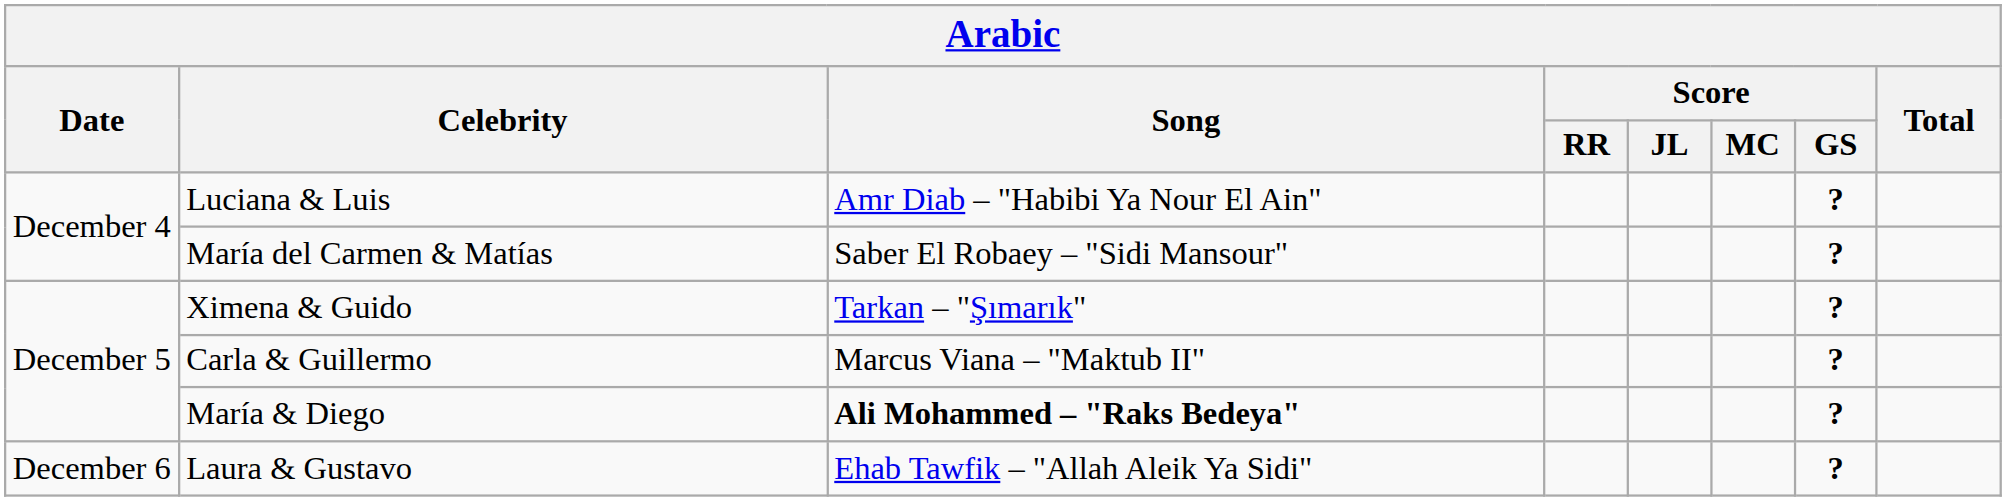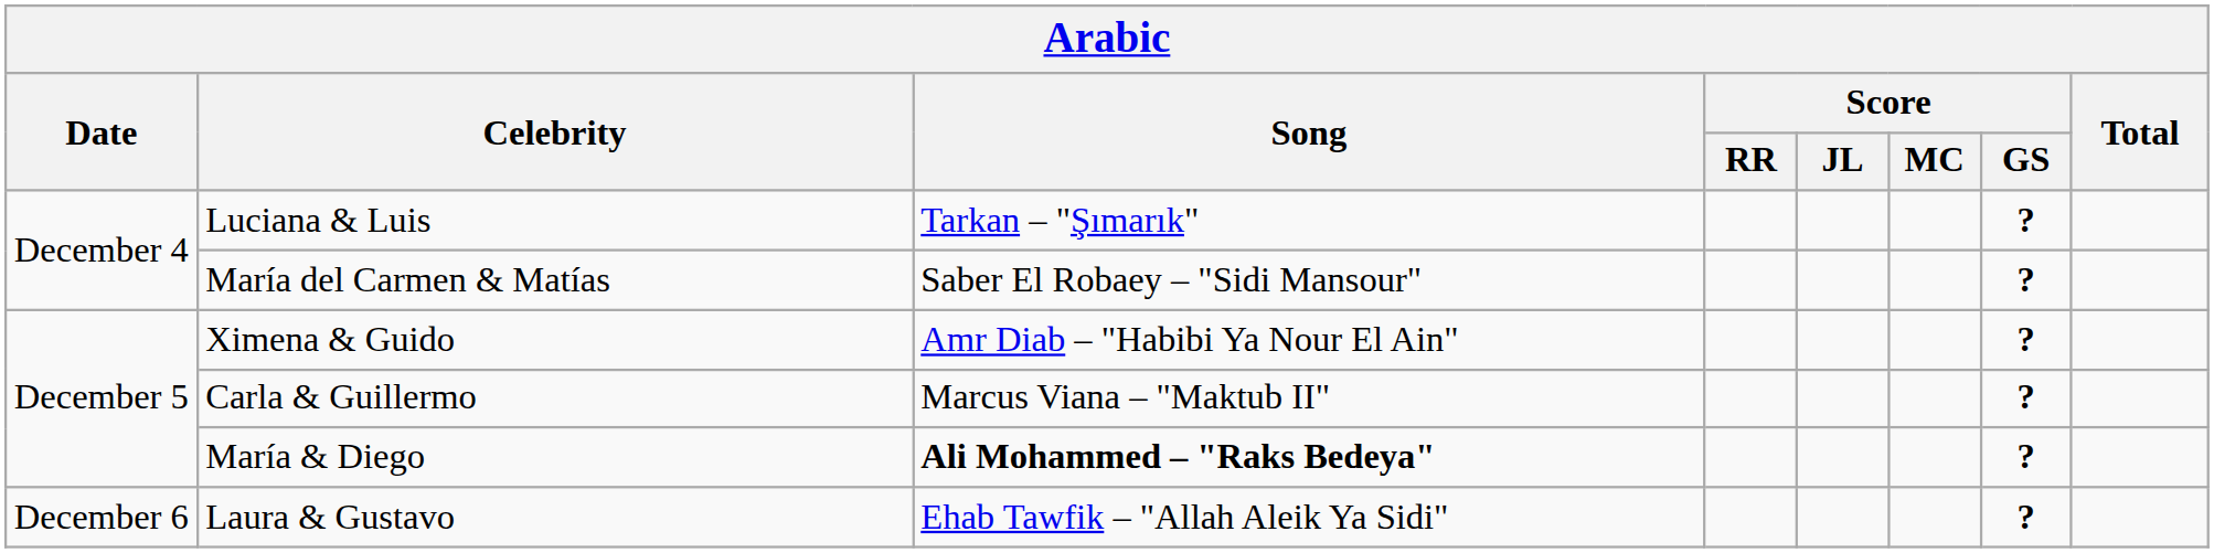 <table class="wikitable collapsible collapsed" style="font-size:90%; text-align: center; width: 100%;">
 <tr>
 <th colspan="11" style="with: 95%;"><big><a href='#'>Arabic</a></big></th>
 </tr>
 <tr>
 <th width=70 rowspan="2">Date</th>
 <th width=280 rowspan="2">Celebrity</th>
 <th rowspan="2">Song</th>
 <th colspan="4">Score</th>
 <th rowspan="2">Total</th>
 </tr>
 <tr>
 <th width=30>RR</th>
 <th width=30>JL</th>
 <th width=30>MC</th>
 <th width=30>GS</th>
 </tr>
 <tr>
 <td rowspan="2">December 4</td>
 <td style="text-align:left;">Luciana & Luis</td>
-<td style="text-align:left;"><a href='#'>Amr Diab</a> – "Habibi Ya Nour El Ain"</td>
+<td style="text-align:left;"><a href='#'>Tarkan</a> – "<a href='#'>Şımarık</a>"</td>
 <td></td>
 <td></td>
 <td></td>
 <td><strong>?</strong></td>
 <td></td>
 </tr>
 <tr>
 <td style="text-align:left;">María del Carmen & Matías</td>
 <td style="text-align:left;">Saber El Robaey – "Sidi Mansour"</td>
 <td></td>
 <td></td>
 <td></td>
 <td><strong>?</strong></td>
 <td></td>
 </tr>
 <tr>
 <td rowspan="3">December 5</td>
 <td style="text-align:left;">Ximena & Guido</td>
-<td style="text-align:left;"><a href='#'>Tarkan</a> – "<a href='#'>Şımarık</a>"</td>
+<td style="text-align:left;"><a href='#'>Amr Diab</a> – "Habibi Ya Nour El Ain"</td>
 <td></td>
 <td></td>
 <td></td>
 <td><strong>?</strong></td>
 <td></td>
 </tr>
 <tr>
 <td style="text-align:left;">Carla & Guillermo</td>
 <td style="text-align:left;">Marcus Viana – "Maktub II"</td>
 <td></td>
 <td></td>
 <td></td>
 <td><strong>?</strong></td>
 <td></td>
 </tr>
 <tr>
 <td style="text-align:left;">María & Diego</td>
 <td style="text-align:left;"><strong>Ali Mohammed – "Raks Bedeya"</strong></td>
 <td></td>
 <td></td>
 <td></td>
 <td><strong>?</strong></td>
 <td></td>
 </tr>
 <tr>
 <td rowspan="2">December 6</td>
 <td style="text-align:left;">Laura & Gustavo</td>
 <td style="text-align:left;"><a href='#'>Ehab Tawfik</a> – "Allah Aleik Ya Sidi"</td>
 <td></td>
 <td></td>
 <td></td>
 <td><strong>?</strong></td>
 <td></td>
 </tr>
 </table>
